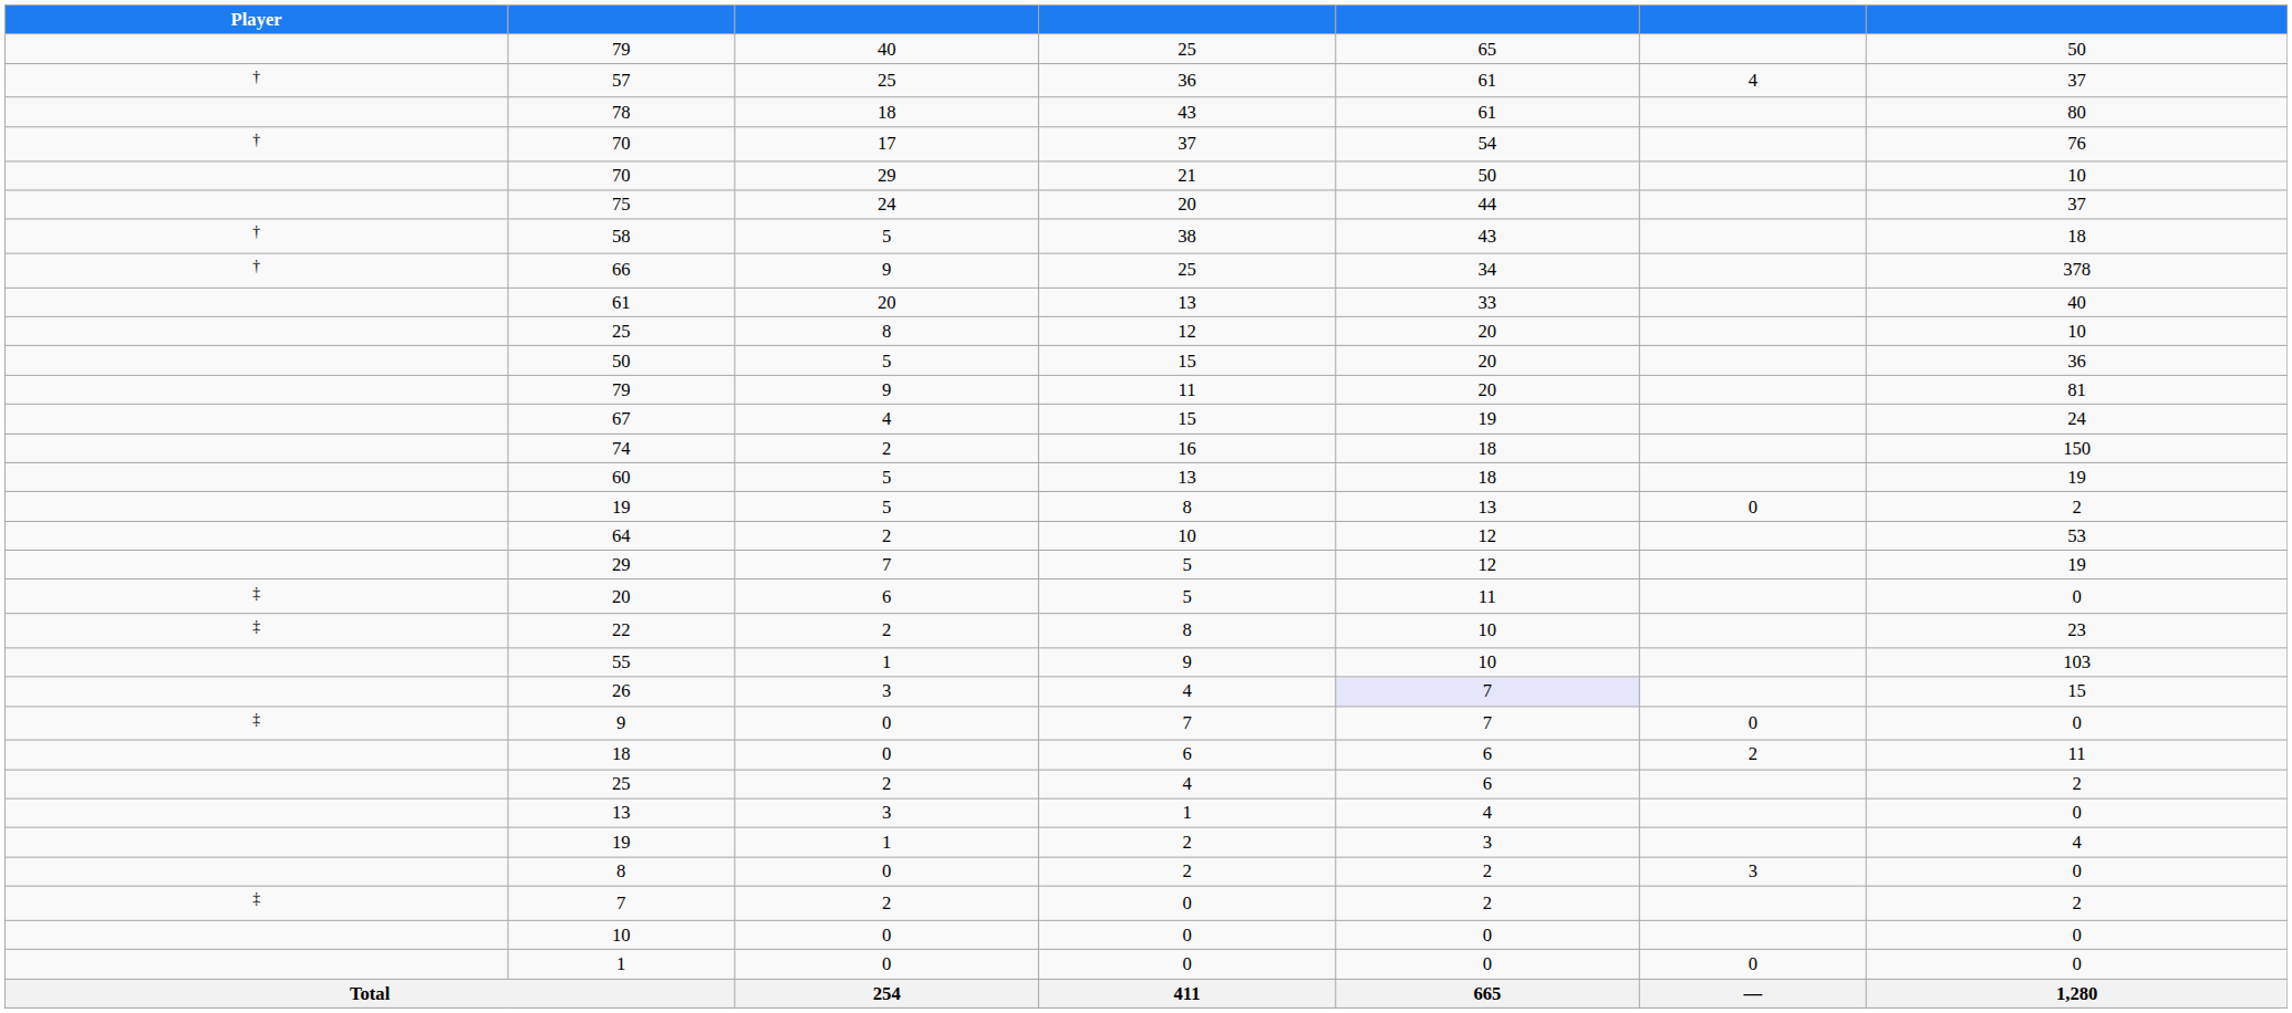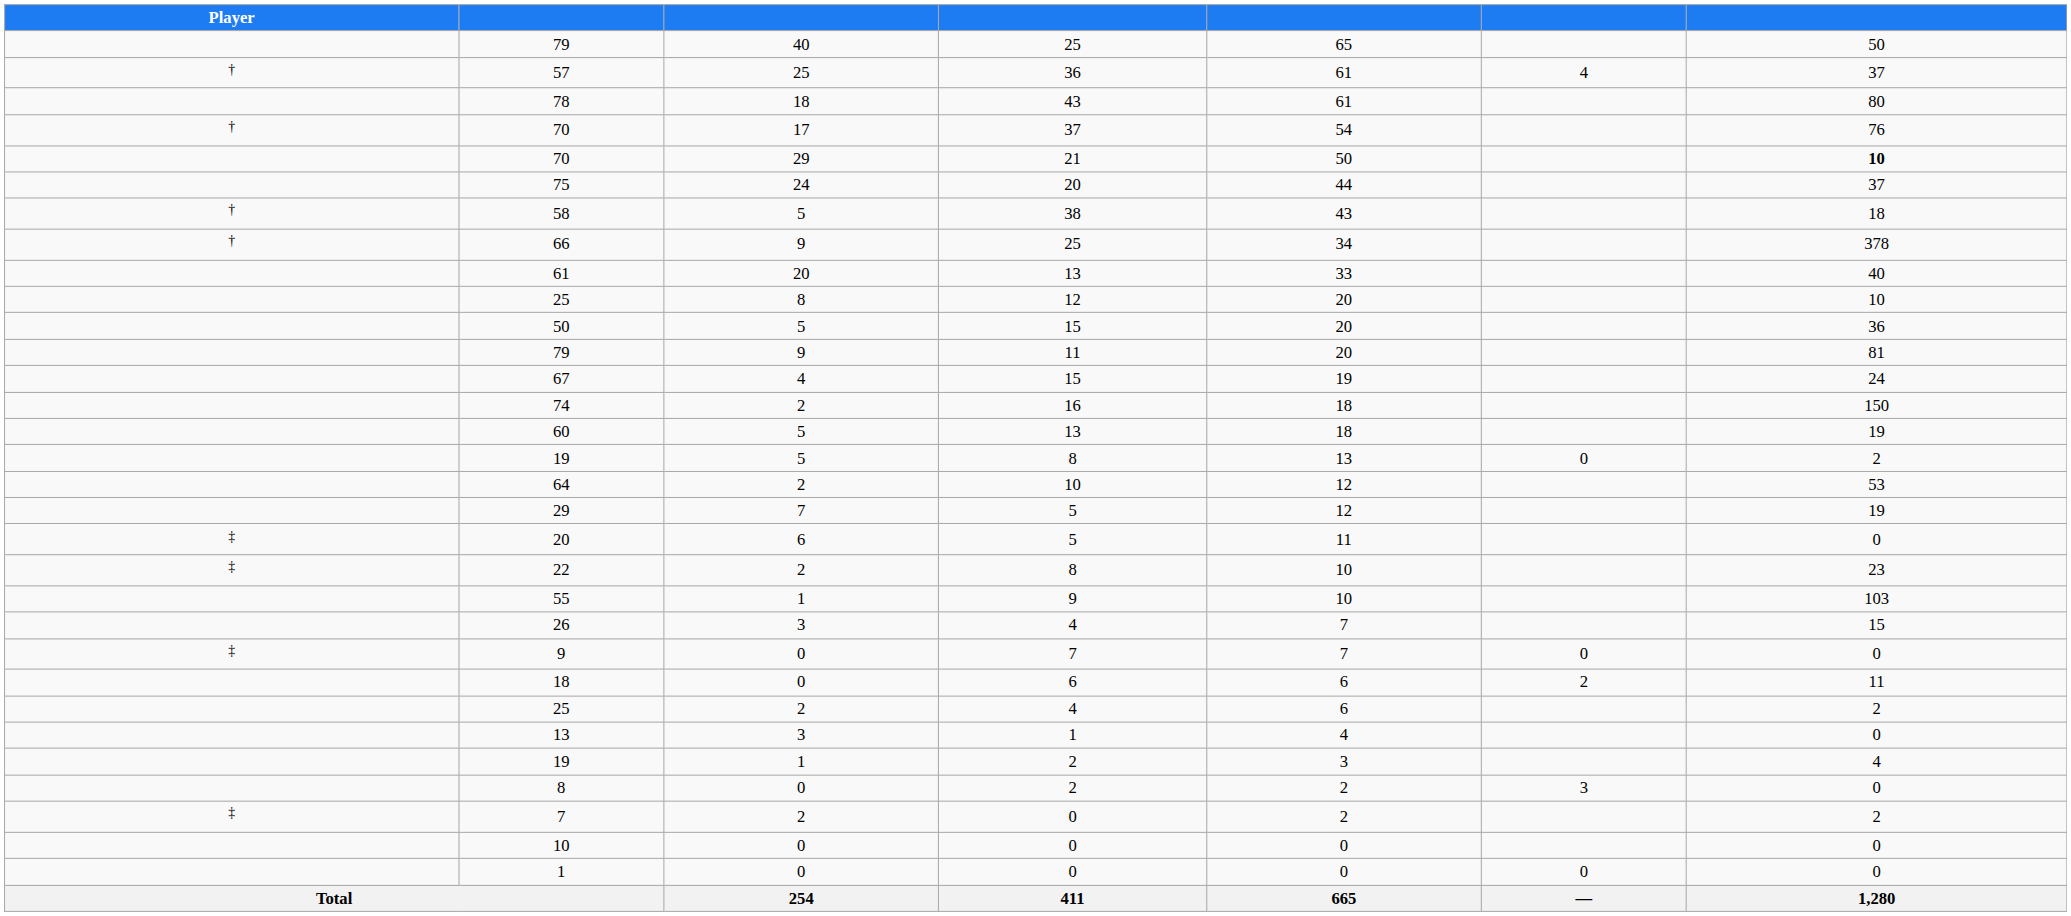 <table class="wikitable sortable" style="width:100%; text-align:center;">
 <tr align=center>
 <th style="color:white; background:#1D7CF2; ">Player</th>
 <th style="color:white; background:#1D7CF2; "></th>
 <th style="color:white; background:#1D7CF2; "></th>
 <th style="color:white; background:#1D7CF2; "></th>
 <th style="color:white; background:#1D7CF2; "></th>
 <th style="color:white; background:#1D7CF2; "></th>
 <th style="color:white; background:#1D7CF2; "></th>
 </tr>
 <tr>
 <td></td>
 <td>79</td>
 <td>40</td>
 <td>25</td>
 <td>65</td>
 <td></td>
 <td>50</td>
 </tr>
 <tr>
 <td><sup>†</sup></td>
 <td>57</td>
 <td>25</td>
 <td>36</td>
 <td>61</td>
 <td>4</td>
 <td>37</td>
 </tr>
 <tr>
 <td></td>
 <td>78</td>
 <td>18</td>
 <td>43</td>
 <td>61</td>
 <td></td>
 <td>80</td>
 </tr>
 <tr>
 <td><sup>†</sup></td>
 <td>70</td>
 <td>17</td>
 <td>37</td>
 <td>54</td>
 <td></td>
 <td>76</td>
 </tr>
 <tr>
 <td></td>
 <td>70</td>
 <td>29</td>
 <td>21</td>
 <td>50</td>
 <td></td>
-<td>10</td>
+<td><strong>10</strong></td>
 </tr>
 <tr>
 <td></td>
 <td>75</td>
 <td>24</td>
 <td>20</td>
 <td>44</td>
 <td></td>
 <td>37</td>
 </tr>
 <tr>
 <td><sup>†</sup></td>
 <td>58</td>
 <td>5</td>
 <td>38</td>
 <td>43</td>
 <td></td>
 <td>18</td>
 </tr>
 <tr>
 <td><sup>†</sup></td>
 <td>66</td>
 <td>9</td>
 <td>25</td>
 <td>34</td>
 <td></td>
 <td>378</td>
 </tr>
 <tr>
 <td></td>
 <td>61</td>
 <td>20</td>
 <td>13</td>
 <td>33</td>
 <td></td>
 <td>40</td>
 </tr>
 <tr>
 <td></td>
 <td>25</td>
 <td>8</td>
 <td>12</td>
 <td>20</td>
 <td></td>
 <td>10</td>
 </tr>
 <tr>
 <td></td>
 <td>50</td>
 <td>5</td>
 <td>15</td>
 <td>20</td>
 <td></td>
 <td>36</td>
 </tr>
 <tr>
 <td></td>
 <td>79</td>
 <td>9</td>
 <td>11</td>
 <td>20</td>
 <td></td>
 <td>81</td>
 </tr>
 <tr>
 <td></td>
 <td>67</td>
 <td>4</td>
 <td>15</td>
 <td>19</td>
 <td></td>
 <td>24</td>
 </tr>
 <tr>
 <td></td>
 <td>74</td>
 <td>2</td>
 <td>16</td>
 <td>18</td>
 <td></td>
 <td>150</td>
 </tr>
 <tr>
 <td></td>
 <td>60</td>
 <td>5</td>
 <td>13</td>
 <td>18</td>
 <td></td>
 <td>19</td>
 </tr>
 <tr>
 <td></td>
 <td>19</td>
 <td>5</td>
 <td>8</td>
 <td>13</td>
 <td>0</td>
 <td>2</td>
 </tr>
 <tr>
 <td></td>
 <td>64</td>
 <td>2</td>
 <td>10</td>
 <td>12</td>
 <td></td>
 <td>53</td>
 </tr>
 <tr>
 <td></td>
 <td>29</td>
 <td>7</td>
 <td>5</td>
 <td>12</td>
 <td></td>
 <td>19</td>
 </tr>
 <tr>
 <td><sup>‡</sup></td>
 <td>20</td>
 <td>6</td>
 <td>5</td>
 <td>11</td>
 <td></td>
 <td>0</td>
 </tr>
 <tr>
 <td><sup>‡</sup></td>
 <td>22</td>
 <td>2</td>
 <td>8</td>
 <td>10</td>
 <td></td>
 <td>23</td>
 </tr>
 <tr>
 <td></td>
 <td>55</td>
 <td>1</td>
 <td>9</td>
 <td>10</td>
 <td></td>
 <td>103</td>
 </tr>
 <tr>
 <td></td>
 <td>26</td>
 <td>3</td>
 <td>4</td>
-<td style="background: lavender;">7</td>
+<td>7</td>
 <td></td>
 <td>15</td>
 </tr>
 <tr>
 <td><sup>‡</sup></td>
 <td>9</td>
 <td>0</td>
 <td>7</td>
 <td>7</td>
 <td>0</td>
 <td>0</td>
 </tr>
 <tr>
 <td></td>
 <td>18</td>
 <td>0</td>
 <td>6</td>
 <td>6</td>
 <td>2</td>
 <td>11</td>
 </tr>
 <tr>
 <td></td>
 <td>25</td>
 <td>2</td>
 <td>4</td>
 <td>6</td>
 <td></td>
 <td>2</td>
 </tr>
 <tr>
 <td></td>
 <td>13</td>
 <td>3</td>
 <td>1</td>
 <td>4</td>
 <td></td>
 <td>0</td>
 </tr>
 <tr>
 <td></td>
 <td>19</td>
 <td>1</td>
 <td>2</td>
 <td>3</td>
 <td></td>
 <td>4</td>
 </tr>
 <tr>
 <td></td>
 <td>8</td>
 <td>0</td>
 <td>2</td>
 <td>2</td>
 <td>3</td>
 <td>0</td>
 </tr>
 <tr>
 <td><sup>‡</sup></td>
 <td>7</td>
 <td>2</td>
 <td>0</td>
 <td>2</td>
 <td></td>
 <td>2</td>
 </tr>
 <tr>
 <td></td>
 <td>10</td>
 <td>0</td>
 <td>0</td>
 <td>0</td>
 <td></td>
 <td>0</td>
 </tr>
 <tr>
 <td></td>
 <td>1</td>
 <td>0</td>
 <td>0</td>
 <td>0</td>
 <td>0</td>
 <td>0</td>
 </tr>
 <tr class="sortbottom">
 <th colspan=2>Total</th>
 <th>254</th>
 <th>411</th>
 <th>665</th>
 <th>—</th>
 <th>1,280</th>
 </tr>
 </table>
